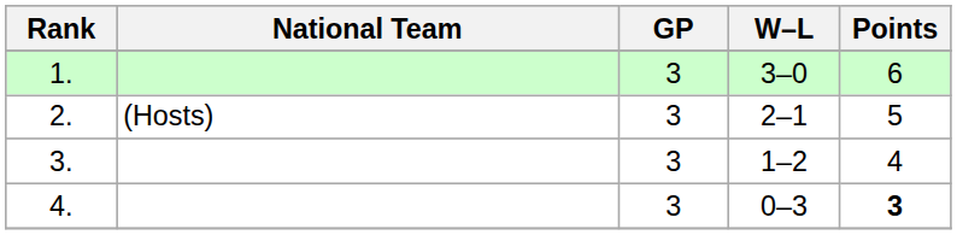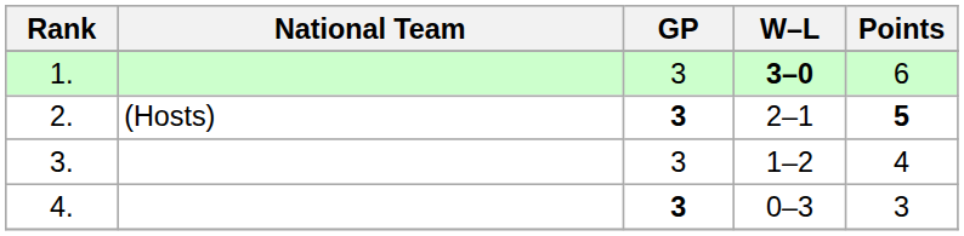 <table class=wikitable style="border:1px solid #AAAAAA;font-size:90%">
 <tr bgcolor="#EFEFEF">
 <th width=50>Rank</th>
 <th width=250>National Team</th>
 <th width=50>GP</th>
 <th width=50>W–L</th>
 <th width=50>Points</th>
 </tr>
 <tr align="center" valign="top" bgcolor="#FFFFFF">
 </tr>
 <tr bgcolor="#CCFFCC">
 <td align="center">1.</td>
 <td align="left"></td>
 <td align="center">3</td>
-<td align="center">3–0</td>
+<td align="center"><strong>3–0</strong></td>
 <td align="center">6</td>
 </tr>
 <tr align="center" valign="top" bgcolor="#FFFFFF">
 <td>2.</td>
 <td align="left"> (Hosts)</td>
-<td align="center">3</td>
+<td align="center"><strong>3</strong></td>
 <td align="center">2–1</td>
-<td align="center">5</td>
+<td align="center"><strong>5</strong></td>
 </tr>
 <tr align="center" valign="top" bgcolor="#FFFFFF">
 <td>3.</td>
 <td align="left"></td>
 <td align="center">3</td>
 <td align="center">1–2</td>
 <td align="center">4</td>
 </tr>
 <tr align="center" valign="top" bgcolor="#FFFFFF">
 <td>4.</td>
 <td align="left"></td>
+<td align="center"><strong>3</strong></td>
+<td align="center">0–3</td>
 <td align="center">3</td>
-<td align="center">0–3</td>
-<td align="center"><strong>3</strong></td>
 </tr>
 <tr align="center" valign="top" bgcolor="#FFFFFF">
 </tr>
 </table>
